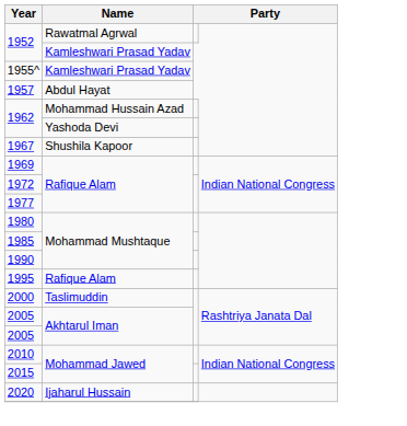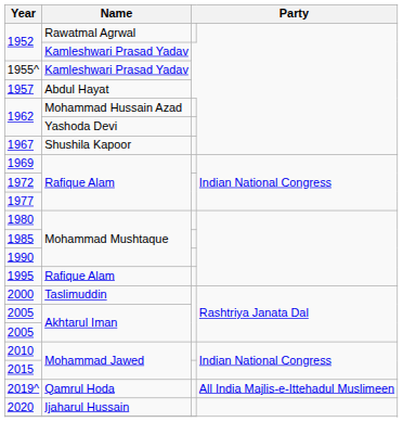 <table class="wikitable">
 <tr>
 <th>Year</th>
 <th>Name</th>
 <th colspan="2">Party</th>
 </tr>
 <tr>
 <td rowspan="2"><a href='#'>1952</a></td>
 <td>Rawatmal Agrwal</td>
 <td></td>
 </tr>
 <tr>
 <td><a href='#'>Kamleshwari Prasad Yadav</a></td>
 </tr>
 <tr>
 <td>1955^</td>
 <td><a href='#'>Kamleshwari Prasad Yadav</a></td>
 </tr>
 <tr>
 <td><a href='#'>1957</a></td>
 <td>Abdul Hayat</td>
 </tr>
 <tr>
 <td rowspan="2"><a href='#'>1962</a></td>
 <td>Mohammad Hussain Azad</td>
 <td></td>
 </tr>
 <tr>
 <td>Yashoda Devi</td>
 <td></td>
 </tr>
 <tr>
 <td><a href='#'>1967</a></td>
 <td>Shushila Kapoor</td>
 <td></td>
 </tr>
 <tr>
 <td><a href='#'>1969</a></td>
 <td rowspan="3"><a href='#'>Rafique Alam</a></td>
 <td style="background-color: "></td>
 <td rowspan="3"><a href='#'>Indian National Congress</a></td>
 </tr>
 <tr>
 <td><a href='#'>1972</a></td>
 </tr>
 <tr>
 <td><a href='#'>1977</a></td>
 </tr>
 <tr>
 <td><a href='#'>1980</a></td>
 <td rowspan="3">Mohammad Mushtaque</td>
 <td></td>
 </tr>
 <tr>
 <td><a href='#'>1985</a></td>
 <td></td>
 </tr>
 <tr>
 <td><a href='#'>1990</a></td>
 <td></td>
 </tr>
 <tr>
 <td><a href='#'>1995</a></td>
 <td><a href='#'>Rafique Alam</a></td>
 <td></td>
 </tr>
 <tr>
 <td><a href='#'>2000</a></td>
 <td><a href='#'>Taslimuddin</a></td>
 <td rowspan=3 style="background-color: "></td>
 <td rowspan=3><a href='#'>Rashtriya Janata Dal</a></td>
 </tr>
 <tr>
 <td><a href='#'>2005</a></td>
 <td rowspan="2"><a href='#'>Akhtarul Iman</a></td>
 </tr>
 <tr>
 <td><a href='#'>2005</a></td>
 </tr>
 <tr>
 <td><a href='#'>2010</a></td>
 <td rowspan="2"><a href='#'>Mohammad Jawed</a></td>
 <td style="background-color: "></td>
 <td rowspan="2"><a href='#'>Indian National Congress</a></td>
 </tr>
 <tr>
 <td><a href='#'>2015</a></td>
 </tr>
 <tr>
+<td><a href='#'>2019^</a></td>
+<td><a href='#'>Qamrul Hoda</a></td>
+<td style="background-color: "></td>
+<td><a href='#'>All India Majlis-e-Ittehadul Muslimeen</a></td>
+</tr>
+<tr>
 <td><a href='#'>2020</a></td>
 <td><a href='#'>Ijaharul Hussain</a></td>
 <td></td>
 </tr>
 <tr>
 </tr>
 </table>
